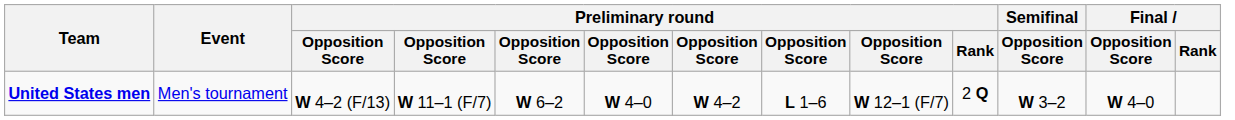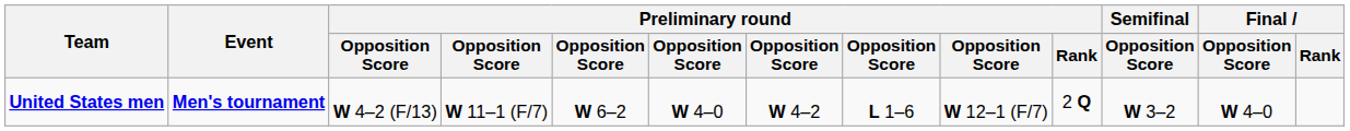 <table class=wikitable style=font-size:90%;text-align:center>
 <tr>
 <th rowspan=2>Team</th>
 <th rowspan=2>Event</th>
 <th colspan=8>Preliminary round</th>
 <th>Semifinal</th>
 <th colspan=2>Final / </th>
 </tr>
 <tr style=font-size:95%>
 <th>Opposition<br>Score</th>
 <th>Opposition<br>Score</th>
 <th>Opposition<br>Score</th>
 <th>Opposition<br>Score</th>
 <th>Opposition<br>Score</th>
 <th>Opposition<br>Score</th>
 <th>Opposition<br>Score</th>
 <th>Rank</th>
 <th>Opposition<br>Score</th>
 <th>Opposition<br>Score</th>
 <th>Rank</th>
 </tr>
 <tr>
 <td align=left><strong><a href='#'>United States men</a></strong></td>
-<td align=left><a href='#'>Men's tournament</a></td>
+<td align=left><strong><a href='#'>Men's tournament</a></strong></td>
 <td><br><strong>W</strong> 4–2 (F/13)</td>
 <td><br><strong>W</strong> 11–1 (F/7)</td>
 <td><br><strong>W</strong> 6–2</td>
 <td><br><strong>W</strong> 4–0</td>
 <td><br><strong>W</strong> 4–2</td>
 <td><br><strong>L</strong> 1–6</td>
 <td><br><strong>W</strong> 12–1 (F/7)</td>
 <td>2 <strong>Q</strong></td>
 <td><br><strong>W</strong> 3–2</td>
 <td><br><strong>W</strong> 4–0</td>
 <td></td>
 </tr>
 </table>
